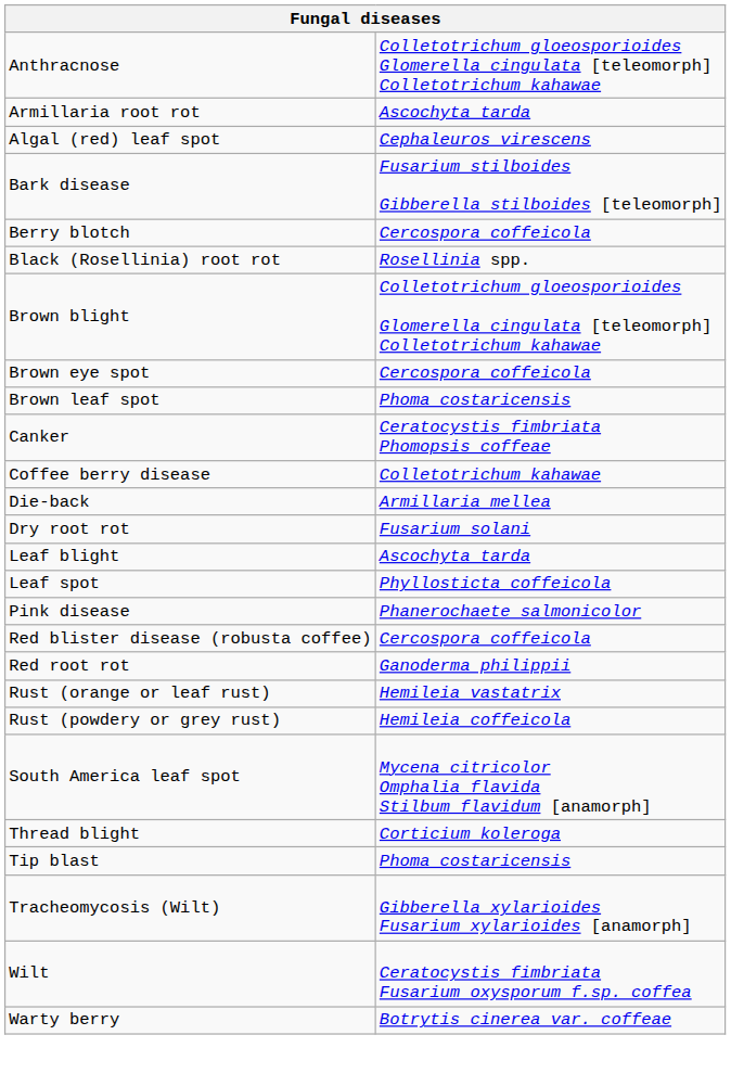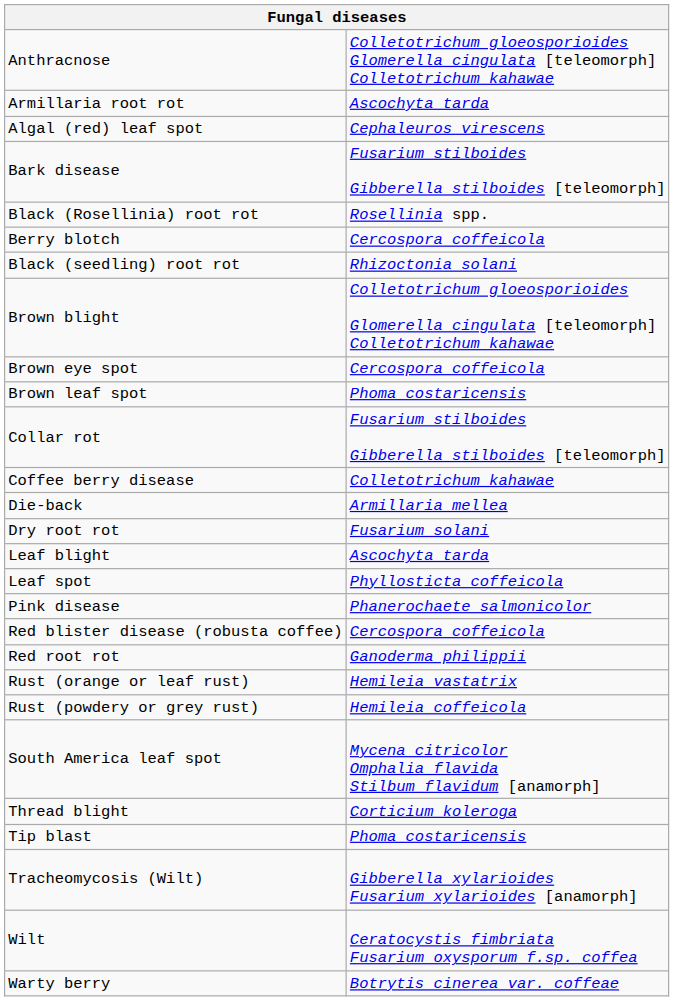 <table class="wikitable" style="clear">
 <tr>
 <th colspan=2><strong>Fungal diseases</strong></th>
 </tr>
 <tr>
 <td>Anthracnose</td>
 <td><em><a href='#'>Colletotrichum gloeosporioides</a></em><br><em><a href='#'>Glomerella cingulata</a></em> [teleomorph]<br><em><a href='#'>Colletotrichum kahawae</a></em></td>
 </tr>
 <tr>
 <td>Armillaria root rot</td>
 <td><em><a href='#'>Ascochyta tarda</a></em></td>
 </tr>
 <tr>
 <td>Algal (red) leaf spot</td>
 <td><em><a href='#'>Cephaleuros virescens</a></em></td>
 </tr>
 <tr>
 <td>Bark disease</td>
 <td><em><a href='#'>Fusarium stilboides</a></em><br><br><em><a href='#'>Gibberella stilboides</a></em> [teleomorph]</td>
 </tr>
 <tr>
+<td>Black (Rosellinia) root rot</td>
+<td><em><a href='#'>Rosellinia</a></em> spp.</td>
+</tr>
+<tr>
 <td>Berry blotch</td>
 <td><em><a href='#'>Cercospora coffeicola</a></em></td>
 </tr>
 <tr>
-<td>Black (Rosellinia) root rot</td>
-<td><em><a href='#'>Rosellinia</a></em> spp.</td>
+<td>Black (seedling) root rot</td>
+<td><em><a href='#'>Rhizoctonia solani</a></em></td>
 </tr>
 <tr>
 <td>Brown blight</td>
 <td><em><a href='#'>Colletotrichum gloeosporioides</a></em> <br><br><em><a href='#'>Glomerella cingulata</a></em> [teleomorph]<br> <em><a href='#'>Colletotrichum kahawae</a></em></td>
 </tr>
 <tr>
 <td>Brown eye spot</td>
 <td><em><a href='#'>Cercospora coffeicola</a></em></td>
 </tr>
 <tr>
 <td>Brown leaf spot</td>
 <td><em><a href='#'>Phoma costaricensis</a></em></td>
 </tr>
 <tr>
-<td>Canker</td>
-<td><em><a href='#'>Ceratocystis fimbriata</a></em><br><em><a href='#'>Phomopsis coffeae</a></em></td>
+<td>Collar rot</td>
+<td><em><a href='#'>Fusarium stilboides</a></em><br><br><em><a href='#'>Gibberella stilboides</a></em> [teleomorph]</td>
 </tr>
 <tr>
 <td>Coffee berry disease</td>
 <td><em><a href='#'>Colletotrichum kahawae</a></em></td>
 </tr>
 <tr>
 <td>Die-back</td>
 <td><em><a href='#'>Armillaria mellea</a></em></td>
 </tr>
 <tr>
 <td>Dry root rot</td>
 <td><em><a href='#'>Fusarium solani</a></em></td>
 </tr>
 <tr>
 <td>Leaf blight</td>
 <td><em><a href='#'>Ascochyta tarda</a></em></td>
 </tr>
 <tr>
 <td>Leaf spot</td>
 <td><em><a href='#'>Phyllosticta coffeicola</a></em></td>
 </tr>
 <tr>
 <td>Pink disease</td>
 <td><em><a href='#'>Phanerochaete salmonicolor</a></em></td>
 </tr>
 <tr>
 <td>Red blister disease (robusta coffee)</td>
 <td><em><a href='#'>Cercospora coffeicola</a></em></td>
 </tr>
 <tr>
 <td>Red root rot</td>
 <td><em><a href='#'>Ganoderma philippii</a></em></td>
 </tr>
 <tr>
 <td>Rust (orange or leaf rust)</td>
 <td><em><a href='#'>Hemileia vastatrix</a></em></td>
 </tr>
 <tr>
 <td>Rust (powdery or grey rust)</td>
 <td><em><a href='#'>Hemileia coffeicola</a></em></td>
 </tr>
 <tr>
 <td>South America leaf spot</td>
 <td><br><em><a href='#'>Mycena citricolor</a></em> <br> <em><a href='#'>Omphalia flavida</a></em><br> <em><a href='#'>Stilbum flavidum</a></em> [anamorph]</td>
 </tr>
 <tr>
 <td>Thread blight</td>
 <td><em><a href='#'>Corticium koleroga</a></em></td>
 </tr>
 <tr>
 <td>Tip blast</td>
 <td><em><a href='#'>Phoma costaricensis</a></em></td>
 </tr>
 <tr>
 <td>Tracheomycosis (Wilt)</td>
 <td><br><em><a href='#'>Gibberella xylarioides</a></em><br> <em><a href='#'>Fusarium xylarioides</a></em> [anamorph]</td>
 </tr>
 <tr>
 <td>Wilt</td>
 <td><br><em><a href='#'>Ceratocystis fimbriata</a></em><br> <em><a href='#'>Fusarium oxysporum f.sp. coffea</a></em></td>
 </tr>
 <tr>
 <td>Warty berry</td>
 <td><em><a href='#'>Botrytis cinerea var. coffeae</a></em></td>
 </tr>
 </table>
